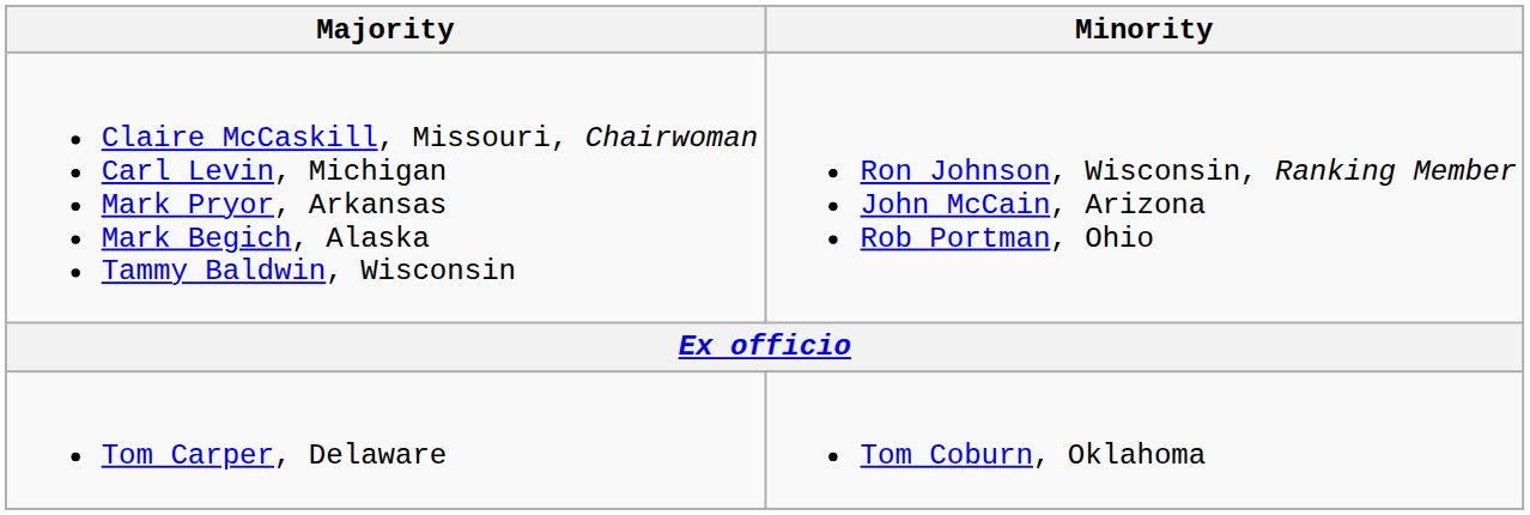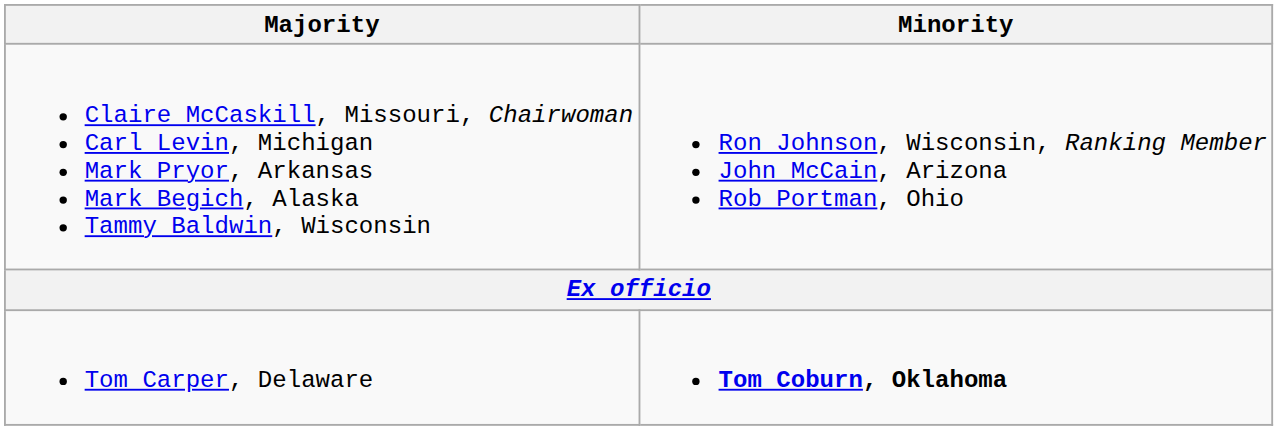 <table class=wikitable>
 <tr>
 <th>Majority</th>
 <th>Minority</th>
 </tr>
 <tr>
 <td><br><ul><li><a href='#'>Claire McCaskill</a>, Missouri, <em>Chairwoman</em></li><li><a href='#'>Carl Levin</a>, Michigan</li><li><a href='#'>Mark Pryor</a>, Arkansas</li><li><a href='#'>Mark Begich</a>, Alaska</li><li><a href='#'>Tammy Baldwin</a>, Wisconsin</li></ul></td>
 <td><br><ul><li><a href='#'>Ron Johnson</a>, Wisconsin, <em>Ranking Member</em></li><li><a href='#'>John McCain</a>, Arizona</li><li><a href='#'>Rob Portman</a>, Ohio</li></ul></td>
 </tr>
 <tr>
 <th colspan=2><em><a href='#'>Ex officio</a></em></th>
 </tr>
 <tr>
 <td><br><ul><li><a href='#'>Tom Carper</a>, Delaware</li></ul></td>
-<td><br><ul><li><a href='#'>Tom Coburn</a>, Oklahoma</li></ul></td>
+<td><strong><br><ul><li><a href='#'>Tom Coburn</a>, Oklahoma</li></ul></strong></td>
 </tr>
 </table>
